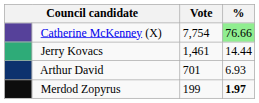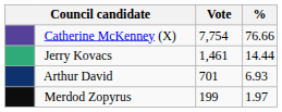 <table class="wikitable">
 <tr>
 <th bgcolor="#DDDDFF" width="230px" colspan="2">Council candidate</th>
 <th bgcolor="#DDDDFF" width="50px">Vote</th>
 <th bgcolor="#DDDDFF" width="30px">%</th>
 </tr>
 <tr>
 <td bgcolor=#56419A width="30px"> </td>
 <td>  <a href='#'>Catherine McKenney</a> (X)</td>
 <td>7,754</td>
-<td style="background: lightgreen;">76.66</td>
+<td>76.66</td>
 </tr>
 <tr>
 <td bgcolor=#2EAB78 width="30px"> </td>
 <td>  Jerry Kovacs</td>
 <td>1,461</td>
 <td>14.44</td>
 </tr>
 <tr>
 <td bgcolor=#0D326E width="30px"> </td>
 <td>  Arthur David</td>
 <td>701</td>
 <td>6.93</td>
 </tr>
 <tr>
 <td bgcolor=#0D0D0D width="30px"> </td>
 <td>  Merdod Zopyrus</td>
 <td>199</td>
-<td><strong>1.97</strong></td>
+<td>1.97</td>
 </tr>
 </table>
